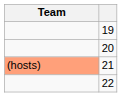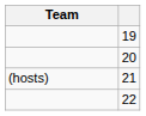 <table class="wikitable" style="white-space:nowrap; display:inline-table; float:left;">
 <tr>
 <th style="width:130px">Team</th>
 <th></th>
 </tr>
 <tr>
 <td></td>
 <td style="text-align:center">19</td>
 </tr>
 <tr>
 <td></td>
 <td style="text-align:center">20</td>
 </tr>
 <tr>
-<td style="background: lightsalmon;"> (hosts)</td>
+<td> (hosts)</td>
 <td style="text-align:center">21</td>
 </tr>
 <tr>
 <td></td>
 <td style="text-align:center">22</td>
 </tr>
 </table>
